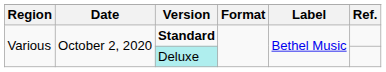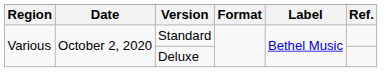 <table class="wikitable plainrowheaders">
 <tr>
 </tr>
 <tr>
 <th scope="col">Region</th>
 <th scope="col">Date</th>
 <th scope="col">Version</th>
 <th scope="col">Format</th>
 <th scope="col">Label</th>
 <th scope="col">Ref.</th>
 </tr>
 <tr>
 <td rowspan="2">Various</td>
 <td rowspan="2">October 2, 2020</td>
-<td><strong>Standard</strong></td>
+<td>Standard</td>
 <td rowspan="2"></td>
 <td rowspan="2"><a href='#'>Bethel Music</a></td>
 <td></td>
 </tr>
 <tr>
-<td style="background: paleturquoise;">Deluxe</td>
+<td>Deluxe</td>
 <td></td>
 </tr>
 </table>
